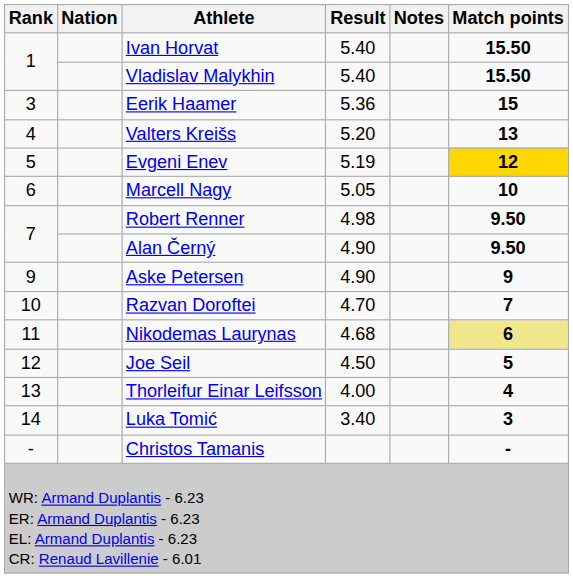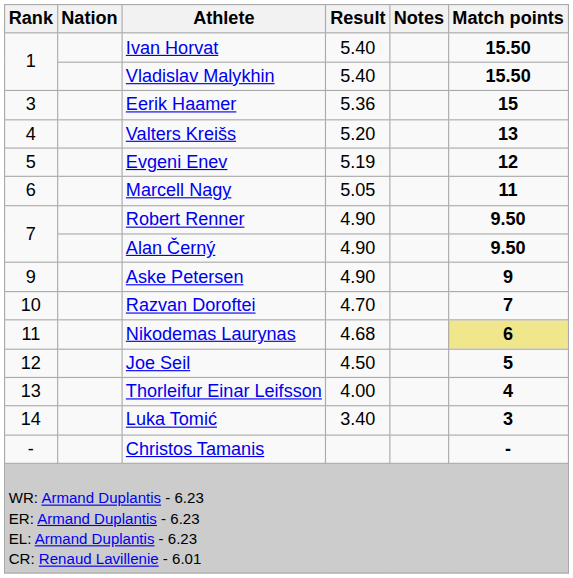 <table class="wikitable sortable" style="text-align:left;">
 <tr>
 <th>Rank</th>
 <th>Nation</th>
 <th>Athlete</th>
 <th>Result</th>
 <th>Notes</th>
 <th>Match points</th>
 </tr>
 <tr>
 <td rowspan=2 align=center>1</td>
 <td></td>
 <td><a href='#'>Ivan Horvat</a></td>
 <td align=center>5.40</td>
 <td></td>
 <td align=center><strong>15.50</strong></td>
 </tr>
 <tr>
 <td></td>
 <td><a href='#'>Vladislav Malykhin</a></td>
 <td align=center>5.40</td>
 <td></td>
 <td align=center><strong>15.50</strong></td>
 </tr>
 <tr>
 <td align=center>3</td>
 <td></td>
 <td><a href='#'>Eerik Haamer</a></td>
 <td align=center>5.36</td>
 <td align=center></td>
 <td align=center><strong>15</strong></td>
 </tr>
 <tr>
 <td align=center>4</td>
 <td></td>
 <td><a href='#'>Valters Kreišs</a></td>
 <td align=center>5.20</td>
 <td></td>
 <td align=center><strong>13</strong></td>
 </tr>
 <tr>
 <td align=center>5</td>
 <td></td>
 <td><a href='#'>Evgeni Enev</a></td>
 <td align=center>5.19</td>
 <td align=center></td>
-<td align=center style="background: gold;"><strong>12</strong></td>
+<td align=center><strong>12</strong></td>
 </tr>
 <tr>
 <td align=center>6</td>
 <td></td>
 <td><a href='#'>Marcell Nagy</a></td>
 <td align=center>5.05</td>
 <td></td>
-<td align=center><strong>10</strong></td>
+<td align=center><strong>11</strong></td>
 </tr>
 <tr>
 <td rowspan=2 align=center>7</td>
 <td></td>
 <td><a href='#'>Robert Renner</a></td>
-<td align=center>4.98</td>
+<td align=center>4.90</td>
 <td></td>
 <td align=center><strong>9.50</strong></td>
 </tr>
 <tr>
 <td></td>
 <td><a href='#'>Alan Černý</a></td>
 <td align=center>4.90</td>
 <td align=center></td>
 <td align=center><strong>9.50</strong></td>
 </tr>
 <tr>
 <td align=center>9</td>
 <td></td>
 <td><a href='#'>Aske Petersen</a></td>
 <td align=center>4.90</td>
 <td></td>
 <td align=center><strong>9</strong></td>
 </tr>
 <tr>
 <td align=center>10</td>
 <td></td>
 <td><a href='#'>Razvan Doroftei</a></td>
 <td align=center>4.70</td>
 <td></td>
 <td align=center><strong>7</strong></td>
 </tr>
 <tr>
 <td align=center>11</td>
 <td></td>
 <td><a href='#'>Nikodemas Laurynas</a></td>
 <td align=center>4.68</td>
 <td></td>
 <td align=center style="background: khaki;"><strong>6</strong></td>
 </tr>
 <tr>
 <td align=center>12</td>
 <td></td>
 <td><a href='#'>Joe Seil</a></td>
 <td align=center>4.50</td>
 <td align=center></td>
 <td align=center><strong>5</strong></td>
 </tr>
 <tr>
 <td align=center>13</td>
 <td></td>
 <td><a href='#'>Thorleifur Einar Leifsson</a></td>
 <td align=center>4.00</td>
 <td></td>
 <td align=center><strong>4</strong></td>
 </tr>
 <tr>
 <td align=center>14</td>
 <td></td>
 <td><a href='#'>Luka Tomić</a></td>
 <td align=center>3.40</td>
 <td></td>
 <td align=center><strong>3</strong></td>
 </tr>
 <tr>
 <td align=center>-</td>
 <td></td>
 <td><a href='#'>Christos Tamanis</a></td>
 <td align=center></td>
 <td></td>
 <td align=center><strong>-</strong></td>
 </tr>
 <tr>
 <td colspan="6" bgcolor="#cccccc"><br> <small>WR:   <a href='#'>Armand Duplantis</a> - 6.23<br>ER:  <a href='#'>Armand Duplantis</a> - 6.23<br></small> <small>EL:   <a href='#'>Armand Duplantis</a> - 6.23<br>CR:  <a href='#'>Renaud Lavillenie</a> - 6.01</small></td>
 </tr>
 </table>
